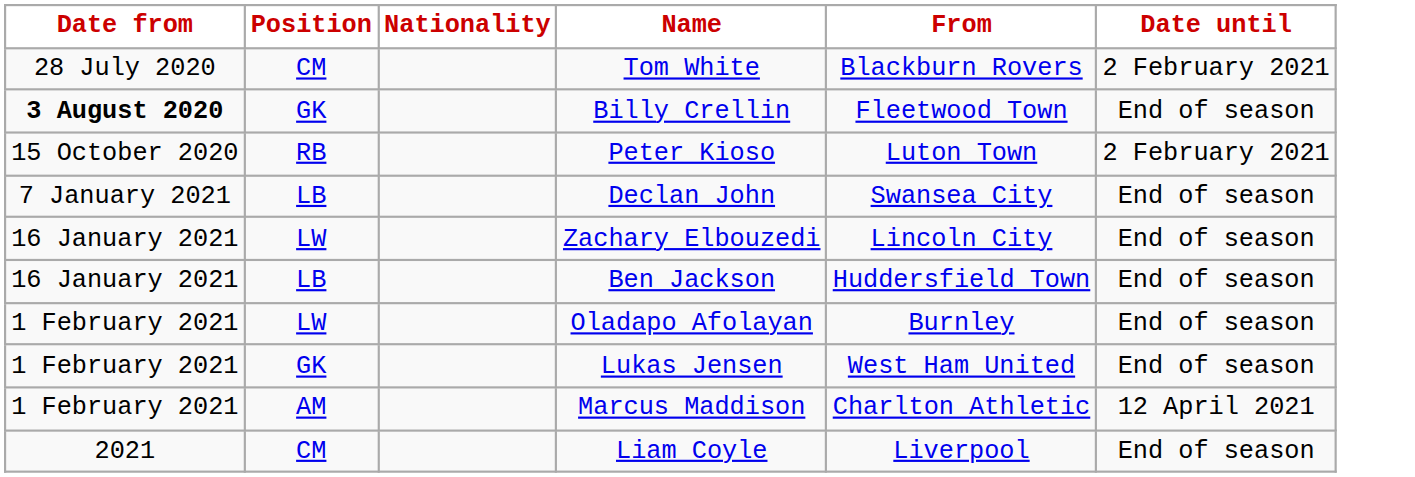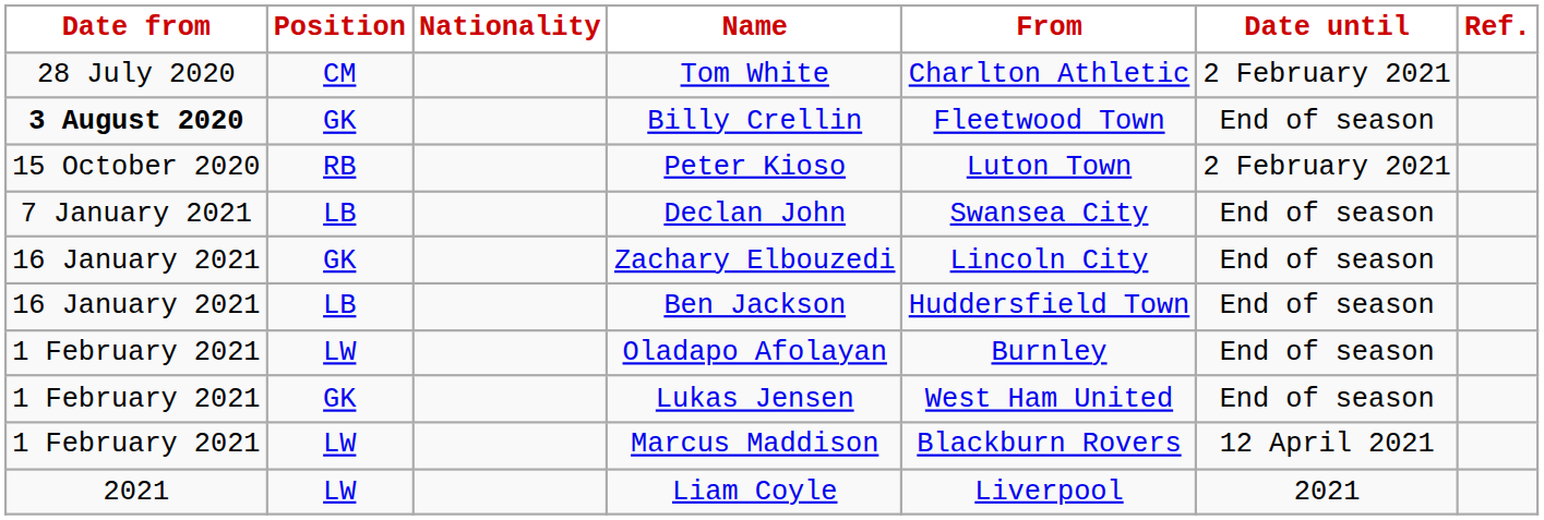 <table class="wikitable"  style="text-align:center; font-size:90%; ">
 <tr>
 <th style="background:#ffffff;color:#cc0000;">Date from</th>
 <th style="background:#ffffff;color:#cc0000;">Position</th>
 <th style="background:#ffffff;color:#cc0000;">Nationality</th>
 <th style="background:#ffffff;color:#cc0000;">Name</th>
 <th style="background:#ffffff;color:#cc0000;">From</th>
 <th style="background:#ffffff;color:#cc0000;">Date until</th>
+<th style="background:#ffffff;color:#cc0000;">Ref.</th>
 </tr>
 <tr>
 <td>28 July 2020</td>
 <td><a href='#'>CM</a></td>
 <td></td>
 <td><a href='#'>Tom White</a></td>
-<td> <a href='#'>Blackburn Rovers</a></td>
+<td> <a href='#'>Charlton Athletic</a></td>
 <td>2 February 2021</td>
+<td></td>
 </tr>
 <tr>
 <td><strong>3 August 2020</strong></td>
 <td><a href='#'>GK</a></td>
 <td></td>
 <td><a href='#'>Billy Crellin</a></td>
 <td> <a href='#'>Fleetwood Town</a></td>
 <td>End of season</td>
+<td></td>
 </tr>
 <tr>
 <td>15 October 2020</td>
 <td><a href='#'>RB</a></td>
 <td></td>
 <td><a href='#'>Peter Kioso</a></td>
 <td> <a href='#'>Luton Town</a></td>
 <td>2 February 2021</td>
+<td></td>
 </tr>
 <tr>
 <td>7 January 2021</td>
 <td><a href='#'>LB</a></td>
 <td></td>
 <td><a href='#'>Declan John</a></td>
 <td> <a href='#'>Swansea City</a></td>
 <td>End of season</td>
+<td></td>
 </tr>
 <tr>
 <td>16 January 2021</td>
-<td><a href='#'>LW</a></td>
+<td><a href='#'>GK</a></td>
 <td></td>
 <td><a href='#'>Zachary Elbouzedi</a></td>
 <td> <a href='#'>Lincoln City</a></td>
 <td>End of season</td>
+<td></td>
 </tr>
 <tr>
 <td>16 January 2021</td>
 <td><a href='#'>LB</a></td>
 <td></td>
 <td><a href='#'>Ben Jackson</a></td>
 <td> <a href='#'>Huddersfield Town</a></td>
 <td>End of season</td>
+<td></td>
 </tr>
 <tr>
 <td>1 February 2021</td>
 <td><a href='#'>LW</a></td>
 <td></td>
 <td><a href='#'>Oladapo Afolayan</a></td>
 <td> <a href='#'>Burnley</a></td>
 <td>End of season</td>
+<td></td>
 </tr>
 <tr>
 <td>1 February 2021</td>
 <td><a href='#'>GK</a></td>
 <td></td>
 <td><a href='#'>Lukas Jensen</a></td>
 <td> <a href='#'>West Ham United</a></td>
 <td>End of season</td>
+<td></td>
 </tr>
 <tr>
 <td>1 February 2021</td>
-<td><a href='#'>AM</a></td>
+<td><a href='#'>LW</a></td>
 <td></td>
 <td><a href='#'>Marcus Maddison</a></td>
-<td> <a href='#'>Charlton Athletic</a></td>
+<td> <a href='#'>Blackburn Rovers</a></td>
 <td>12 April 2021</td>
+<td></td>
 </tr>
 <tr>
 <td>2021</td>
-<td><a href='#'>CM</a></td>
+<td><a href='#'>LW</a></td>
 <td></td>
 <td><a href='#'>Liam Coyle</a></td>
 <td> <a href='#'>Liverpool</a></td>
-<td>End of season</td>
+<td>2021</td>
+<td></td>
 </tr>
 </table>
